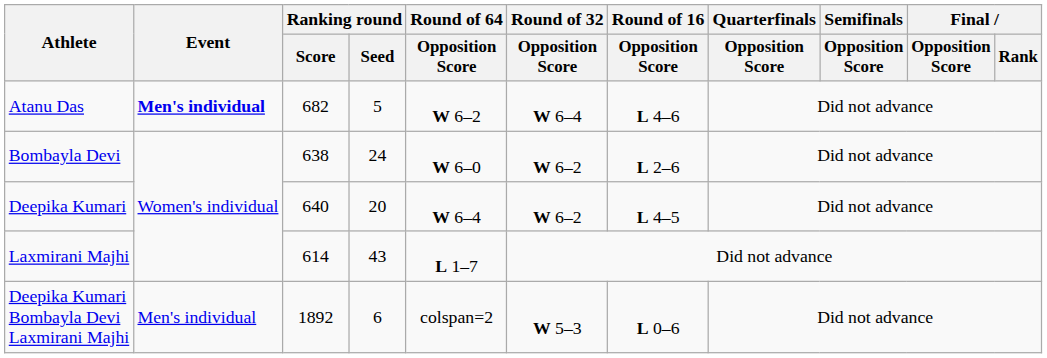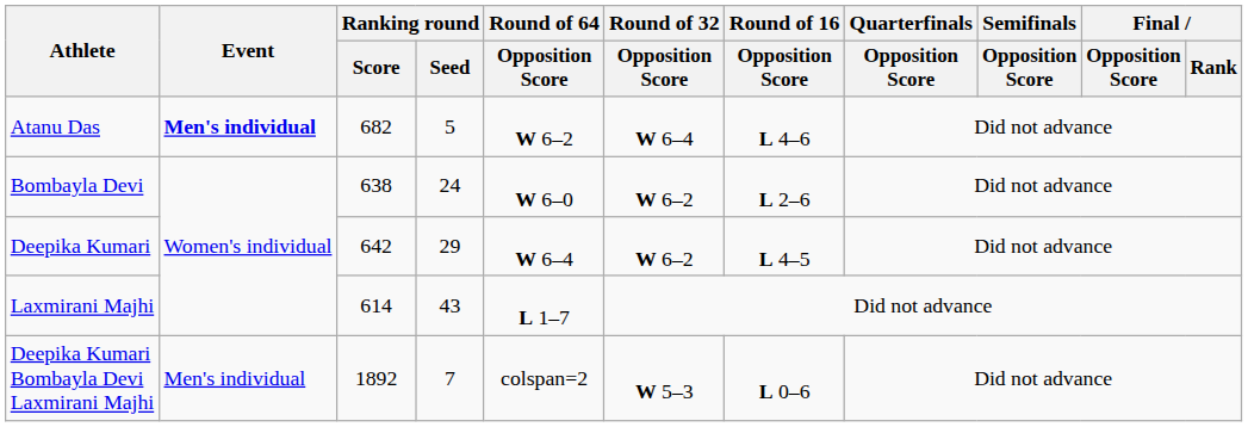 <table class="wikitable" style="font-size:90%">
 <tr>
 <th rowspan=2>Athlete</th>
 <th rowspan=2>Event</th>
 <th colspan="2">Ranking round</th>
 <th>Round of 64</th>
 <th>Round of 32</th>
 <th>Round of 16</th>
 <th>Quarterfinals</th>
 <th>Semifinals</th>
 <th colspan="2">Final / </th>
 </tr>
 <tr style="font-size:95%">
 <th>Score</th>
 <th>Seed</th>
 <th>Opposition<br>Score</th>
 <th>Opposition<br>Score</th>
 <th>Opposition<br>Score</th>
 <th>Opposition<br>Score</th>
 <th>Opposition<br>Score</th>
 <th>Opposition<br>Score</th>
 <th>Rank</th>
 </tr>
 <tr align=center>
 <td align=left><a href='#'>Atanu Das</a></td>
 <td align=left><strong><a href='#'>Men's individual</a></strong></td>
 <td>682</td>
 <td>5</td>
 <td><br><strong>W</strong> 6–2</td>
 <td><br><strong>W</strong> 6–4</td>
 <td><br><strong>L</strong> 4–6</td>
 <td colspan="4">Did not advance</td>
 </tr>
 <tr align="center">
 <td align=left><a href='#'>Bombayla Devi</a></td>
 <td align=left rowspan=3><a href='#'>Women's individual</a></td>
 <td>638</td>
 <td>24</td>
 <td><br><strong>W</strong> 6–0</td>
 <td><br><strong>W</strong> 6–2</td>
 <td><br><strong>L</strong> 2–6</td>
 <td colspan="4">Did not advance</td>
 </tr>
 <tr align="center">
 <td align=left><a href='#'>Deepika Kumari</a></td>
-<td>640</td>
-<td>20</td>
+<td>642</td>
+<td>29</td>
 <td><br><strong>W</strong> 6–4</td>
 <td><br><strong>W</strong> 6–2</td>
 <td><br><strong>L</strong> 4–5</td>
 <td colspan="4">Did not advance</td>
 </tr>
 <tr align=center>
 <td align=left><a href='#'>Laxmirani Majhi</a></td>
 <td>614</td>
 <td>43</td>
 <td><br><strong>L</strong> 1–7</td>
 <td colspan=6>Did not advance</td>
 </tr>
 <tr align=center>
 <td align=left><a href='#'>Deepika Kumari</a><br><a href='#'>Bombayla Devi</a><br><a href='#'>Laxmirani Majhi</a></td>
 <td align=left><a href='#'>Men's individual</a></td>
 <td>1892</td>
-<td>6</td>
+<td>7</td>
 <td>colspan=2 </td>
 <td><br><strong>W</strong> 5–3</td>
 <td><br><strong>L</strong> 0–6</td>
 <td colspan=7>Did not advance</td>
 </tr>
 </table>
